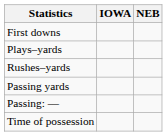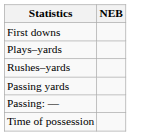 <table class="wikitable" style="float:left">
 <tr>
 <th>Statistics</th>
-<th>IOWA</th>
 <th>NEB</th>
 </tr>
 <tr>
 <td>First downs</td>
 <td></td>
-<td></td>
 </tr>
 <tr>
 <td>Plays–yards</td>
-<td></td>
 <td></td>
 </tr>
 <tr>
 <td>Rushes–yards</td>
 <td></td>
-<td></td>
 </tr>
 <tr>
 <td>Passing yards</td>
-<td></td>
 <td></td>
 </tr>
 <tr>
 <td>Passing: ––</td>
 <td></td>
-<td></td>
 </tr>
 <tr>
 <td>Time of possession</td>
 <td></td>
-<td></td>
 </tr>
 </table>
